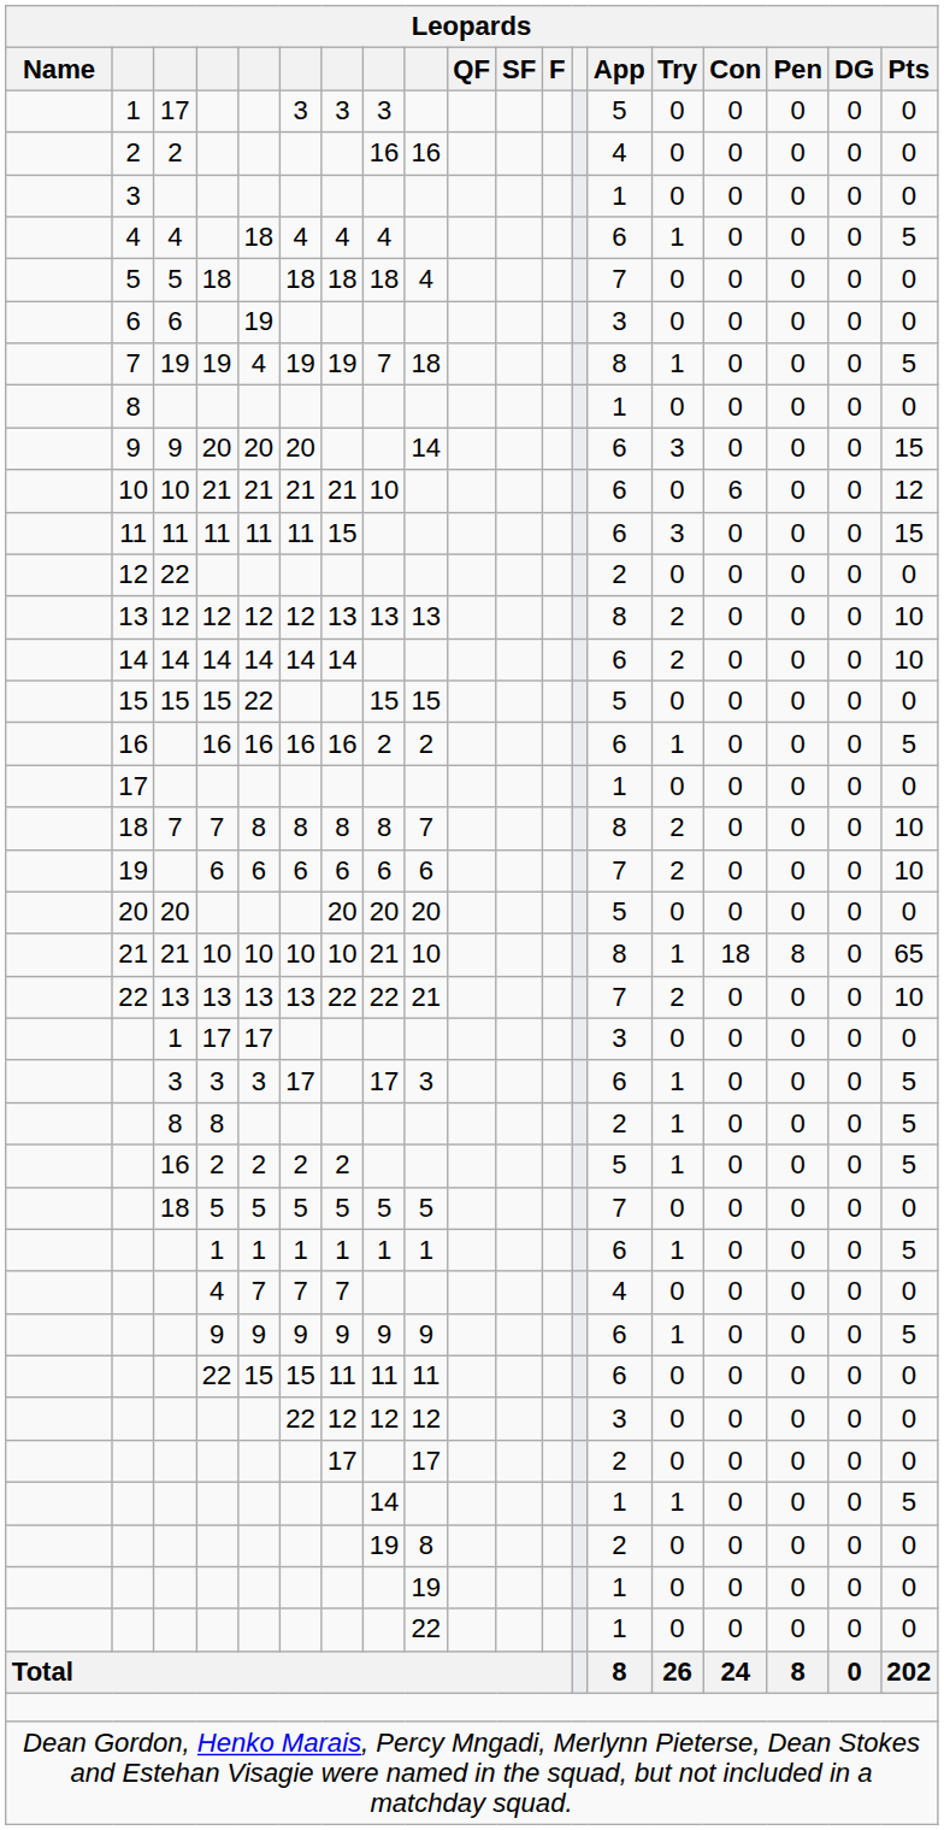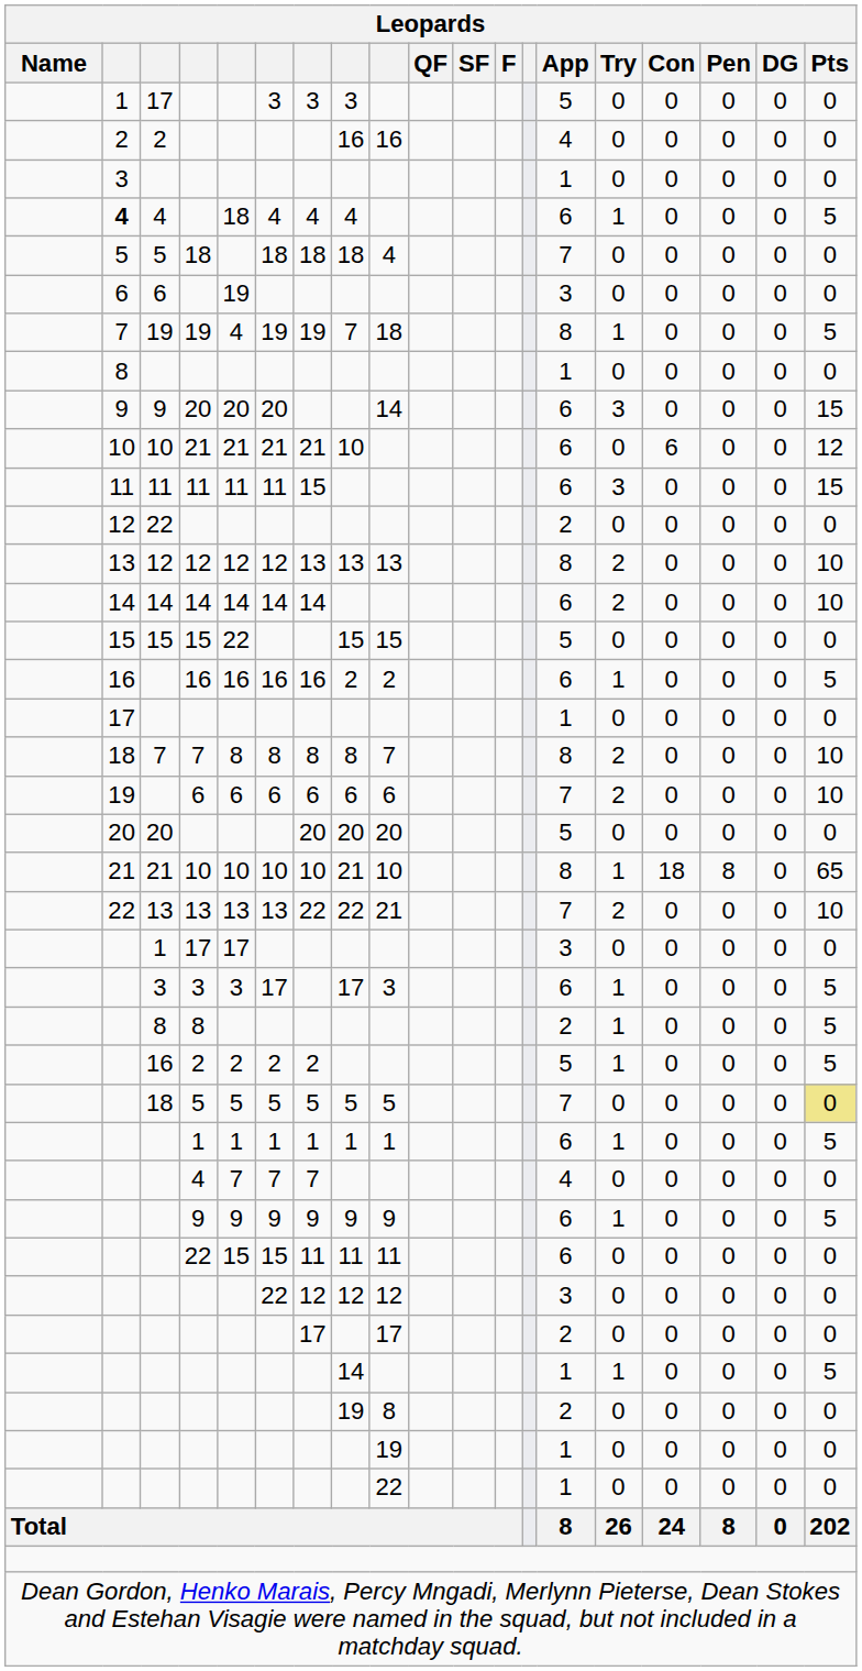 <table class="wikitable collapsible collapsed" style="text-align:center; font-size:100%; width:90%">
 <tr>
 <th colspan="100%">Leopards</th>
 </tr>
 <tr>
 <th style="width:28%;">Name</th>
 <th style="width:4%;"></th>
 <th style="width:4%;"></th>
 <th style="width:4%;"></th>
 <th style="width:4%;"></th>
 <th style="width:4%;"></th>
 <th style="width:4%;"></th>
 <th style="width:4%;"></th>
 <th style="width:4%;"></th>
 <th style="width:4%;">QF</th>
 <th style="width:4%;">SF</th>
 <th style="width:4%;">F</th>
 <th style="width:4%;"></th>
 <th style="width:4%;">App</th>
 <th style="width:4%;">Try</th>
 <th style="width:4%;">Con</th>
 <th style="width:4%;">Pen</th>
 <th style="width:4%;">DG</th>
 <th style="width:4%;">Pts</th>
 </tr>
 <tr>
 <td style="text-align:left;"></td>
 <td>1</td>
 <td>17 </td>
 <td></td>
 <td></td>
 <td>3</td>
 <td>3</td>
 <td>3</td>
 <td></td>
 <td></td>
 <td></td>
 <td></td>
 <td style="background:#EBECF0;"></td>
 <td>5</td>
 <td>0</td>
 <td>0</td>
 <td>0</td>
 <td>0</td>
 <td>0</td>
 </tr>
 <tr>
 <td style="text-align:left;"></td>
 <td>2</td>
 <td>2</td>
 <td></td>
 <td></td>
 <td></td>
 <td></td>
 <td>16 </td>
 <td>16 </td>
 <td></td>
 <td></td>
 <td></td>
 <td style="background:#EBECF0;"></td>
 <td>4</td>
 <td>0</td>
 <td>0</td>
 <td>0</td>
 <td>0</td>
 <td>0</td>
 </tr>
 <tr>
 <td style="text-align:left;"></td>
 <td>3</td>
 <td></td>
 <td></td>
 <td></td>
 <td></td>
 <td></td>
 <td></td>
 <td></td>
 <td></td>
 <td></td>
 <td></td>
 <td style="background:#EBECF0;"></td>
 <td>1</td>
 <td>0</td>
 <td>0</td>
 <td>0</td>
 <td>0</td>
 <td>0</td>
 </tr>
 <tr>
 <td style="text-align:left;"></td>
-<td>4</td>
+<td><strong>4</strong></td>
 <td>4</td>
 <td></td>
 <td>18 </td>
 <td>4</td>
 <td>4</td>
 <td>4</td>
 <td></td>
 <td></td>
 <td></td>
 <td></td>
 <td style="background:#EBECF0;"></td>
 <td>6</td>
 <td>1</td>
 <td>0</td>
 <td>0</td>
 <td>0</td>
 <td>5</td>
 </tr>
 <tr>
 <td style="text-align:left;"></td>
 <td>5</td>
 <td>5</td>
 <td>18 </td>
 <td></td>
 <td>18 </td>
 <td>18 </td>
 <td>18 </td>
 <td>4</td>
 <td></td>
 <td></td>
 <td></td>
 <td style="background:#EBECF0;"></td>
 <td>7</td>
 <td>0</td>
 <td>0</td>
 <td>0</td>
 <td>0</td>
 <td>0</td>
 </tr>
 <tr>
 <td style="text-align:left;"></td>
 <td>6</td>
 <td>6</td>
 <td></td>
 <td>19 </td>
 <td></td>
 <td></td>
 <td></td>
 <td></td>
 <td></td>
 <td></td>
 <td></td>
 <td style="background:#EBECF0;"></td>
 <td>3</td>
 <td>0</td>
 <td>0</td>
 <td>0</td>
 <td>0</td>
 <td>0</td>
 </tr>
 <tr>
 <td style="text-align:left;"></td>
 <td>7</td>
 <td>19 </td>
 <td>19 </td>
 <td>4</td>
 <td>19 </td>
 <td>19 </td>
 <td>7</td>
 <td>18 </td>
 <td></td>
 <td></td>
 <td></td>
 <td style="background:#EBECF0;"></td>
 <td>8</td>
 <td>1</td>
 <td>0</td>
 <td>0</td>
 <td>0</td>
 <td>5</td>
 </tr>
 <tr>
 <td style="text-align:left;"></td>
 <td>8</td>
 <td></td>
 <td></td>
 <td></td>
 <td></td>
 <td></td>
 <td></td>
 <td></td>
 <td></td>
 <td></td>
 <td></td>
 <td style="background:#EBECF0;"></td>
 <td>1</td>
 <td>0</td>
 <td>0</td>
 <td>0</td>
 <td>0</td>
 <td>0</td>
 </tr>
 <tr>
 <td style="text-align:left;"></td>
 <td>9</td>
 <td>9</td>
 <td>20 </td>
 <td>20 </td>
 <td>20 </td>
 <td></td>
 <td></td>
 <td>14</td>
 <td></td>
 <td></td>
 <td></td>
 <td style="background:#EBECF0;"></td>
 <td>6</td>
 <td>3</td>
 <td>0</td>
 <td>0</td>
 <td>0</td>
 <td>15</td>
 </tr>
 <tr>
 <td style="text-align:left;"></td>
 <td>10</td>
 <td>10</td>
 <td>21 </td>
 <td>21 </td>
 <td>21 </td>
 <td>21</td>
 <td>10</td>
 <td></td>
 <td></td>
 <td></td>
 <td></td>
 <td style="background:#EBECF0;"></td>
 <td>6</td>
 <td>0</td>
 <td>6</td>
 <td>0</td>
 <td>0</td>
 <td>12</td>
 </tr>
 <tr>
 <td style="text-align:left;"></td>
 <td>11</td>
 <td>11</td>
 <td>11</td>
 <td>11</td>
 <td>11</td>
 <td>15</td>
 <td></td>
 <td></td>
 <td></td>
 <td></td>
 <td></td>
 <td style="background:#EBECF0;"></td>
 <td>6</td>
 <td>3</td>
 <td>0</td>
 <td>0</td>
 <td>0</td>
 <td>15</td>
 </tr>
 <tr>
 <td style="text-align:left;"></td>
 <td>12</td>
 <td>22 </td>
 <td></td>
 <td></td>
 <td></td>
 <td></td>
 <td></td>
 <td></td>
 <td></td>
 <td></td>
 <td></td>
 <td style="background:#EBECF0;"></td>
 <td>2</td>
 <td>0</td>
 <td>0</td>
 <td>0</td>
 <td>0</td>
 <td>0</td>
 </tr>
 <tr>
 <td style="text-align:left;"></td>
 <td>13</td>
 <td>12</td>
 <td>12</td>
 <td>12</td>
 <td>12</td>
 <td>13</td>
 <td>13</td>
 <td>13</td>
 <td></td>
 <td></td>
 <td></td>
 <td style="background:#EBECF0;"></td>
 <td>8</td>
 <td>2</td>
 <td>0</td>
 <td>0</td>
 <td>0</td>
 <td>10</td>
 </tr>
 <tr>
 <td style="text-align:left;"></td>
 <td>14</td>
 <td>14</td>
 <td>14</td>
 <td>14</td>
 <td>14</td>
 <td>14</td>
 <td></td>
 <td></td>
 <td></td>
 <td></td>
 <td></td>
 <td style="background:#EBECF0;"></td>
 <td>6</td>
 <td>2</td>
 <td>0</td>
 <td>0</td>
 <td>0</td>
 <td>10</td>
 </tr>
 <tr>
 <td style="text-align:left;"></td>
 <td>15</td>
 <td>15</td>
 <td>15</td>
 <td>22</td>
 <td></td>
 <td></td>
 <td>15</td>
 <td>15</td>
 <td></td>
 <td></td>
 <td></td>
 <td style="background:#EBECF0;"></td>
 <td>5</td>
 <td>0</td>
 <td>0</td>
 <td>0</td>
 <td>0</td>
 <td>0</td>
 </tr>
 <tr>
 <td style="text-align:left;"></td>
 <td>16 </td>
 <td></td>
 <td>16 </td>
 <td>16 </td>
 <td>16 </td>
 <td>16</td>
 <td>2</td>
 <td>2</td>
 <td></td>
 <td></td>
 <td></td>
 <td style="background:#EBECF0;"></td>
 <td>6</td>
 <td>1</td>
 <td>0</td>
 <td>0</td>
 <td>0</td>
 <td>5</td>
 </tr>
 <tr>
 <td style="text-align:left;"></td>
 <td>17 </td>
 <td></td>
 <td></td>
 <td></td>
 <td></td>
 <td></td>
 <td></td>
 <td></td>
 <td></td>
 <td></td>
 <td></td>
 <td style="background:#EBECF0;"></td>
 <td>1</td>
 <td>0</td>
 <td>0</td>
 <td>0</td>
 <td>0</td>
 <td>0</td>
 </tr>
 <tr>
 <td style="text-align:left;"></td>
 <td>18 </td>
 <td>7</td>
 <td>7</td>
 <td>8</td>
 <td>8</td>
 <td>8</td>
 <td>8</td>
 <td>7</td>
 <td></td>
 <td></td>
 <td></td>
 <td style="background:#EBECF0;"></td>
 <td>8</td>
 <td>2</td>
 <td>0</td>
 <td>0</td>
 <td>0</td>
 <td>10</td>
 </tr>
 <tr>
 <td style="text-align:left;"></td>
 <td>19 </td>
 <td></td>
 <td>6</td>
 <td>6</td>
 <td>6</td>
 <td>6</td>
 <td>6</td>
 <td>6</td>
 <td></td>
 <td></td>
 <td></td>
 <td style="background:#EBECF0;"></td>
 <td>7</td>
 <td>2</td>
 <td>0</td>
 <td>0</td>
 <td>0</td>
 <td>10</td>
 </tr>
 <tr>
 <td style="text-align:left;"></td>
 <td>20 </td>
 <td>20 </td>
 <td></td>
 <td></td>
 <td></td>
 <td>20 </td>
 <td>20 </td>
 <td>20 </td>
 <td></td>
 <td></td>
 <td></td>
 <td style="background:#EBECF0;"></td>
 <td>5</td>
 <td>0</td>
 <td>0</td>
 <td>0</td>
 <td>0</td>
 <td>0</td>
 </tr>
 <tr>
 <td style="text-align:left;"></td>
 <td>21 </td>
 <td>21 </td>
 <td>10</td>
 <td>10</td>
 <td>10</td>
 <td>10</td>
 <td>21 </td>
 <td>10</td>
 <td></td>
 <td></td>
 <td></td>
 <td style="background:#EBECF0;"></td>
 <td>8</td>
 <td>1</td>
 <td>18</td>
 <td>8</td>
 <td>0</td>
 <td>65</td>
 </tr>
 <tr>
 <td style="text-align:left;"></td>
 <td>22</td>
 <td>13</td>
 <td>13</td>
 <td>13</td>
 <td>13</td>
 <td>22 </td>
 <td>22 </td>
 <td>21 </td>
 <td></td>
 <td></td>
 <td></td>
 <td style="background:#EBECF0;"></td>
 <td>7</td>
 <td>2</td>
 <td>0</td>
 <td>0</td>
 <td>0</td>
 <td>10</td>
 </tr>
 <tr>
 <td style="text-align:left;"></td>
 <td></td>
 <td>1</td>
 <td>17 </td>
 <td>17 </td>
 <td></td>
 <td></td>
 <td></td>
 <td></td>
 <td></td>
 <td></td>
 <td></td>
 <td style="background:#EBECF0;"></td>
 <td>3</td>
 <td>0</td>
 <td>0</td>
 <td>0</td>
 <td>0</td>
 <td>0</td>
 </tr>
 <tr>
 <td style="text-align:left;"></td>
 <td></td>
 <td>3</td>
 <td>3</td>
 <td>3</td>
 <td>17 </td>
 <td></td>
 <td>17 </td>
 <td>3</td>
 <td></td>
 <td></td>
 <td></td>
 <td style="background:#EBECF0;"></td>
 <td>6</td>
 <td>1</td>
 <td>0</td>
 <td>0</td>
 <td>0</td>
 <td>5</td>
 </tr>
 <tr>
 <td style="text-align:left;"></td>
 <td></td>
 <td>8</td>
 <td>8</td>
 <td></td>
 <td></td>
 <td></td>
 <td></td>
 <td></td>
 <td></td>
 <td></td>
 <td></td>
 <td style="background:#EBECF0;"></td>
 <td>2</td>
 <td>1</td>
 <td>0</td>
 <td>0</td>
 <td>0</td>
 <td>5</td>
 </tr>
 <tr>
 <td style="text-align:left;"></td>
 <td></td>
 <td>16 </td>
 <td>2</td>
 <td>2</td>
 <td>2</td>
 <td>2</td>
 <td></td>
 <td></td>
 <td></td>
 <td></td>
 <td></td>
 <td style="background:#EBECF0;"></td>
 <td>5</td>
 <td>1</td>
 <td>0</td>
 <td>0</td>
 <td>0</td>
 <td>5</td>
 </tr>
 <tr>
 <td style="text-align:left;"></td>
 <td></td>
 <td>18 </td>
 <td>5</td>
 <td>5</td>
 <td>5</td>
 <td>5</td>
 <td>5</td>
 <td>5</td>
 <td></td>
 <td></td>
 <td></td>
 <td style="background:#EBECF0;"></td>
 <td>7</td>
 <td>0</td>
 <td>0</td>
 <td>0</td>
 <td>0</td>
-<td>0</td>
+<td style="background: khaki;">0</td>
 </tr>
 <tr>
 <td style="text-align:left;"></td>
 <td></td>
 <td></td>
 <td>1</td>
 <td>1</td>
 <td>1</td>
 <td>1</td>
 <td>1</td>
 <td>1</td>
 <td></td>
 <td></td>
 <td></td>
 <td style="background:#EBECF0;"></td>
 <td>6</td>
 <td>1</td>
 <td>0</td>
 <td>0</td>
 <td>0</td>
 <td>5</td>
 </tr>
 <tr>
 <td style="text-align:left;"></td>
 <td></td>
 <td></td>
 <td>4</td>
 <td>7</td>
 <td>7</td>
 <td>7</td>
 <td></td>
 <td></td>
 <td></td>
 <td></td>
 <td></td>
 <td style="background:#EBECF0;"></td>
 <td>4</td>
 <td>0</td>
 <td>0</td>
 <td>0</td>
 <td>0</td>
 <td>0</td>
 </tr>
 <tr>
 <td style="text-align:left;"></td>
 <td></td>
 <td></td>
 <td>9</td>
 <td>9</td>
 <td>9</td>
 <td>9</td>
 <td>9</td>
 <td>9</td>
 <td></td>
 <td></td>
 <td></td>
 <td style="background:#EBECF0;"></td>
 <td>6</td>
 <td>1</td>
 <td>0</td>
 <td>0</td>
 <td>0</td>
 <td>5</td>
 </tr>
 <tr>
 <td style="text-align:left;"></td>
 <td></td>
 <td></td>
 <td>22 </td>
 <td>15</td>
 <td>15</td>
 <td>11</td>
 <td>11</td>
 <td>11</td>
 <td></td>
 <td></td>
 <td></td>
 <td style="background:#EBECF0;"></td>
 <td>6</td>
 <td>0</td>
 <td>0</td>
 <td>0</td>
 <td>0</td>
 <td>0</td>
 </tr>
 <tr>
 <td style="text-align:left;"></td>
 <td></td>
 <td></td>
 <td></td>
 <td></td>
 <td>22</td>
 <td>12</td>
 <td>12</td>
 <td>12</td>
 <td></td>
 <td></td>
 <td></td>
 <td style="background:#EBECF0;"></td>
 <td>3</td>
 <td>0</td>
 <td>0</td>
 <td>0</td>
 <td>0</td>
 <td>0</td>
 </tr>
 <tr>
 <td style="text-align:left;"></td>
 <td></td>
 <td></td>
 <td></td>
 <td></td>
 <td></td>
 <td>17 </td>
 <td></td>
 <td>17 </td>
 <td></td>
 <td></td>
 <td></td>
 <td style="background:#EBECF0;"></td>
 <td>2</td>
 <td>0</td>
 <td>0</td>
 <td>0</td>
 <td>0</td>
 <td>0</td>
 </tr>
 <tr>
 <td style="text-align:left;"></td>
 <td></td>
 <td></td>
 <td></td>
 <td></td>
 <td></td>
 <td></td>
 <td>14</td>
 <td></td>
 <td></td>
 <td></td>
 <td></td>
 <td style="background:#EBECF0;"></td>
 <td>1</td>
 <td>1</td>
 <td>0</td>
 <td>0</td>
 <td>0</td>
 <td>5</td>
 </tr>
 <tr>
 <td style="text-align:left;"></td>
 <td></td>
 <td></td>
 <td></td>
 <td></td>
 <td></td>
 <td></td>
 <td>19 </td>
 <td>8</td>
 <td></td>
 <td></td>
 <td></td>
 <td style="background:#EBECF0;"></td>
 <td>2</td>
 <td>0</td>
 <td>0</td>
 <td>0</td>
 <td>0</td>
 <td>0</td>
 </tr>
 <tr>
 <td style="text-align:left;"></td>
 <td></td>
 <td></td>
 <td></td>
 <td></td>
 <td></td>
 <td></td>
 <td></td>
 <td>19 </td>
 <td></td>
 <td></td>
 <td></td>
 <td style="background:#EBECF0;"></td>
 <td>1</td>
 <td>0</td>
 <td>0</td>
 <td>0</td>
 <td>0</td>
 <td>0</td>
 </tr>
 <tr>
 <td style="text-align:left;"></td>
 <td></td>
 <td></td>
 <td></td>
 <td></td>
 <td></td>
 <td></td>
 <td></td>
 <td>22 </td>
 <td></td>
 <td></td>
 <td></td>
 <td style="background:#EBECF0;"></td>
 <td>1</td>
 <td>0</td>
 <td>0</td>
 <td>0</td>
 <td>0</td>
 <td>0</td>
 </tr>
 <tr>
 <th colspan="12" style="text-align:left;">Total</th>
 <th style="background:#EBECF0;"></th>
 <th>8</th>
 <th>26</th>
 <th>24</th>
 <th>8</th>
 <th>0</th>
 <th>202</th>
 </tr>
 <tr class="sortbottom">
 <td colspan="100%" style="height: 10px;"></td>
 </tr>
 <tr class="sortbottom">
 <td colspan="100%" style="text-align:center;"><em>Dean Gordon, <a href='#'>Henko Marais</a>, Percy Mngadi, Merlynn Pieterse, Dean Stokes and Estehan Visagie were named in the squad, but not included in a matchday squad.</em></td>
 </tr>
 </table>
